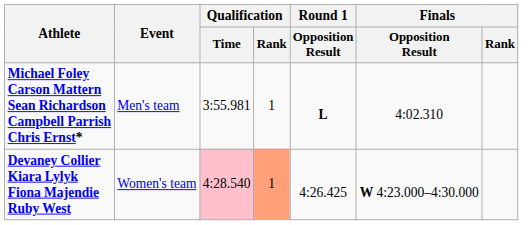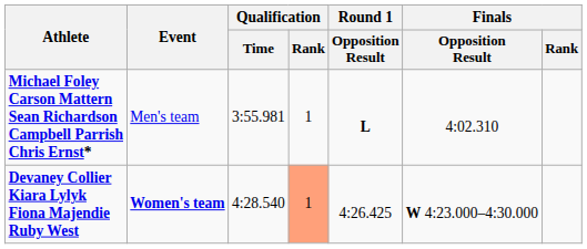 <table class=wikitable style="font-size:90%;">
 <tr>
 <th rowspan=2>Athlete</th>
 <th rowspan=2>Event</th>
 <th colspan=2>Qualification</th>
 <th>Round 1</th>
 <th colspan=2>Finals</th>
 </tr>
 <tr style="font-size:95%">
 <th>Time</th>
 <th>Rank</th>
 <th>Opposition<br>Result</th>
 <th>Opposition<br>Result</th>
 <th>Rank</th>
 </tr>
 <tr align=center>
 <td align=left><strong><a href='#'>Michael Foley</a><br><a href='#'>Carson Mattern</a><br><a href='#'>Sean Richardson</a><br><a href='#'>Campbell Parrish</a><br><a href='#'>Chris Ernst</a>*</strong></td>
 <td align=left><a href='#'>Men's team</a></td>
 <td>3:55.981</td>
 <td>1</td>
 <td><br><strong>L</strong> </td>
 <td><br>4:02.310</td>
 <td></td>
 </tr>
 <tr align=center>
 <td align=left><strong><a href='#'>Devaney Collier</a><br><a href='#'>Kiara Lylyk</a><br><a href='#'>Fiona Majendie</a><br><a href='#'>Ruby West</a></strong></td>
-<td align=left><a href='#'>Women's team</a></td>
-<td style="background: pink;">4:28.540</td>
+<td align=left><strong><a href='#'>Women's team</a></strong></td>
+<td>4:28.540</td>
 <td style="background: lightsalmon;">1</td>
 <td><br>4:26.425</td>
 <td><br><strong>W</strong> 4:23.000–4:30.000</td>
 <td></td>
 </tr>
 </table>
